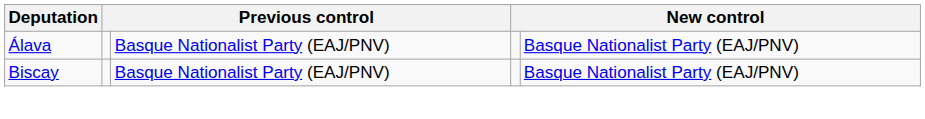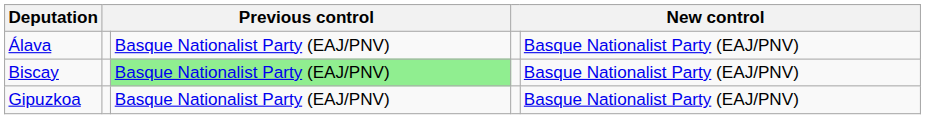 <table class="wikitable sortable">
 <tr>
 <th>Deputation</th>
 <th colspan="2" style="width:375px;">Previous control</th>
 <th colspan="2" style="width:375px;">New control</th>
 </tr>
 <tr>
 <td><a href='#'>Álava</a></td>
 <td width="1" style="color:inherit;background:"></td>
 <td><a href='#'>Basque Nationalist Party</a> (EAJ/PNV)</td>
 <td width="1" style="color:inherit;background:"></td>
 <td><a href='#'>Basque Nationalist Party</a> (EAJ/PNV)</td>
 </tr>
 <tr>
 <td><a href='#'>Biscay</a></td>
 <td style="color:inherit;background:"></td>
-<td><a href='#'>Basque Nationalist Party</a> (EAJ/PNV)</td>
+<td style="background: lightgreen;"><a href='#'>Basque Nationalist Party</a> (EAJ/PNV)</td>
 <td style="color:inherit;background:"></td>
 <td><a href='#'>Basque Nationalist Party</a> (EAJ/PNV)</td>
 </tr>
+<tr>
+<td><a href='#'>Gipuzkoa</a></td>
+<td style="color:inherit;background:"></td>
+<td><a href='#'>Basque Nationalist Party</a> (EAJ/PNV)</td>
+<td style="color:inherit;background:"></td>
+<td><a href='#'>Basque Nationalist Party</a> (EAJ/PNV) </td>
+</tr>
 </table>
